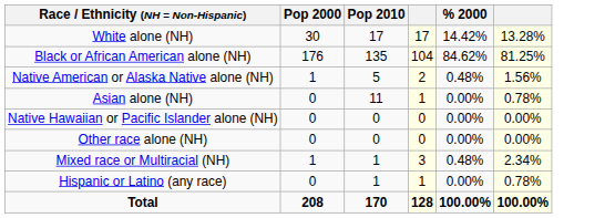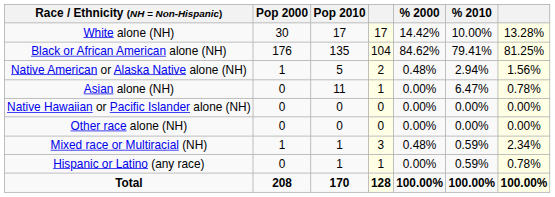 <table class="wikitable" style="text-align:center;">
 <tr>
 <th>Race / Ethnicity <small>(<em>NH = Non-Hispanic</em>)</small></th>
 <th>Pop 2000</th>
 <th>Pop 2010</th>
 <th></th>
 <th>% 2000</th>
+<th>% 2010</th>
 <th></th>
 </tr>
 <tr>
 <td><a href='#'>White</a> alone (NH)</td>
 <td>30</td>
 <td>17</td>
 <td style='background: #ffffe6;'>17</td>
 <td>14.42%</td>
+<td>10.00%</td>
 <td style='background: #ffffe6;'>13.28%</td>
 </tr>
 <tr>
 <td><a href='#'>Black or African American</a> alone (NH)</td>
 <td>176</td>
 <td>135</td>
 <td style='background: #ffffe6;'>104</td>
 <td>84.62%</td>
+<td>79.41%</td>
 <td style='background: #ffffe6;'>81.25%</td>
 </tr>
 <tr>
 <td><a href='#'>Native American</a> or <a href='#'>Alaska Native</a> alone (NH)</td>
 <td>1</td>
 <td>5</td>
 <td style='background: #ffffe6;'>2</td>
 <td>0.48%</td>
+<td>2.94%</td>
 <td style='background: #ffffe6;'>1.56%</td>
 </tr>
 <tr>
 <td><a href='#'>Asian</a> alone (NH)</td>
 <td>0</td>
 <td>11</td>
 <td style='background: #ffffe6;'>1</td>
 <td>0.00%</td>
+<td>6.47%</td>
 <td style='background: #ffffe6;'>0.78%</td>
 </tr>
 <tr>
 <td><a href='#'>Native Hawaiian</a> or <a href='#'>Pacific Islander</a> alone (NH)</td>
 <td>0</td>
 <td>0</td>
 <td style='background: #ffffe6;'>0</td>
+<td>0.00%</td>
 <td>0.00%</td>
 <td style='background: #ffffe6;'>0.00%</td>
 </tr>
 <tr>
 <td><a href='#'>Other race</a> alone (NH)</td>
 <td>0</td>
 <td>0</td>
 <td style='background: #ffffe6;'>0</td>
 <td>0.00%</td>
+<td>0.00%</td>
 <td style='background: #ffffe6;'>0.00%</td>
 </tr>
 <tr>
 <td><a href='#'>Mixed race or Multiracial</a> (NH)</td>
 <td>1</td>
 <td>1</td>
 <td style='background: #ffffe6;'>3</td>
 <td>0.48%</td>
+<td>0.59%</td>
 <td style='background: #ffffe6;'>2.34%</td>
 </tr>
 <tr>
 <td><a href='#'>Hispanic or Latino</a> (any race)</td>
 <td>0</td>
 <td>1</td>
 <td style='background: #ffffe6;'>1</td>
 <td>0.00%</td>
+<td>0.59%</td>
 <td style='background: #ffffe6;'>0.78%</td>
 </tr>
 <tr>
 <td><strong>Total</strong></td>
 <td><strong>208</strong></td>
 <td><strong>170</strong></td>
 <td style='background: #ffffe6;'><strong>128</strong></td>
 <td><strong>100.00%</strong></td>
+<td><strong>100.00%</strong></td>
 <td style='background: #ffffe6;'><strong>100.00%</strong></td>
 </tr>
 </table>
